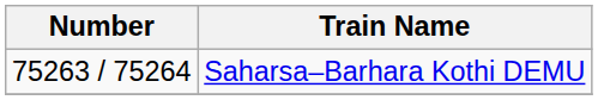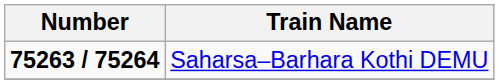 <table class="wikitable sortable">
 <tr>
 <th>Number</th>
 <th>Train Name</th>
 </tr>
 <tr>
-<td>75263 / 75264</td>
+<td><strong>75263 / 75264</strong></td>
 <td><a href='#'>Saharsa–Barhara Kothi DEMU</a></td>
 </tr>
 <tr>
 </tr>
 </table>
